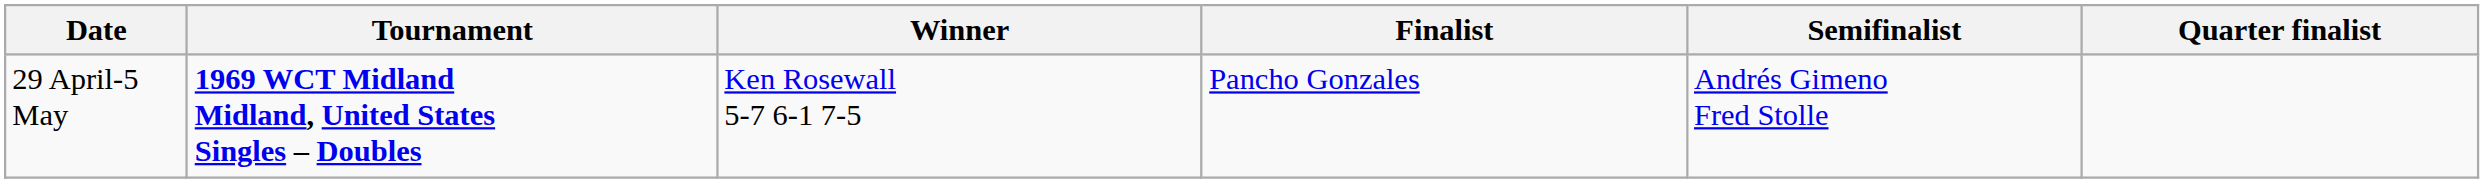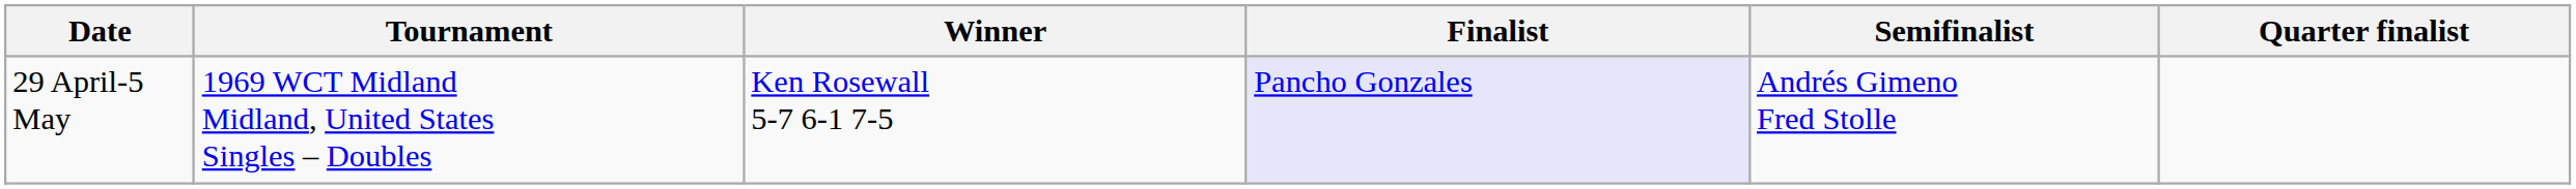 <table class="wikitable" style="font-size:85%;">
 <tr>
 <th width="75">Date</th>
 <th width="230">Tournament</th>
 <th width="210">Winner</th>
 <th width="210">Finalist</th>
 <th width="170">Semifinalist</th>
 <th width="170">Quarter finalist</th>
 </tr>
 <tr valign=top>
 <td>29 April-5 May </td>
-<td><strong><a href='#'>1969 WCT Midland</a><br> <a href='#'>Midland</a>, <a href='#'>United States</a><br><a href='#'>Singles</a> – <a href='#'>Doubles</a></strong></td>
+<td><a href='#'>1969 WCT Midland</a><br> <a href='#'>Midland</a>, <a href='#'>United States</a><br><a href='#'>Singles</a> – <a href='#'>Doubles</a></td>
 <td> <a href='#'>Ken Rosewall</a><br>5-7 6-1 7-5</td>
-<td> <a href='#'>Pancho Gonzales</a></td>
+<td style="background: lavender;"> <a href='#'>Pancho Gonzales</a></td>
 <td rowspan=2> <a href='#'>Andrés Gimeno</a> <br> <a href='#'>Fred Stolle</a></td>
 <td></td>
 </tr>
 </table>
